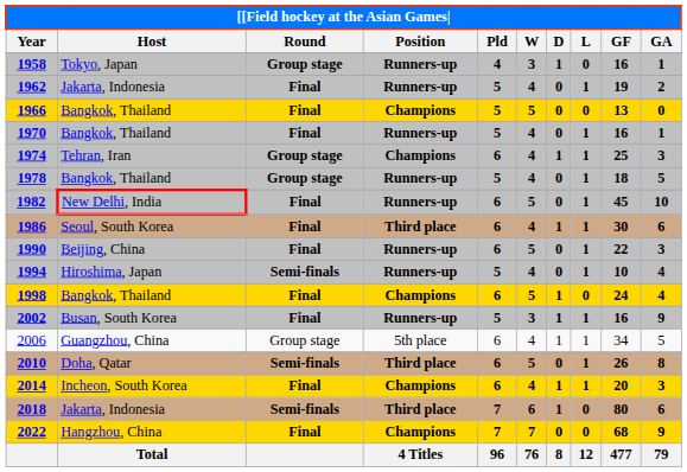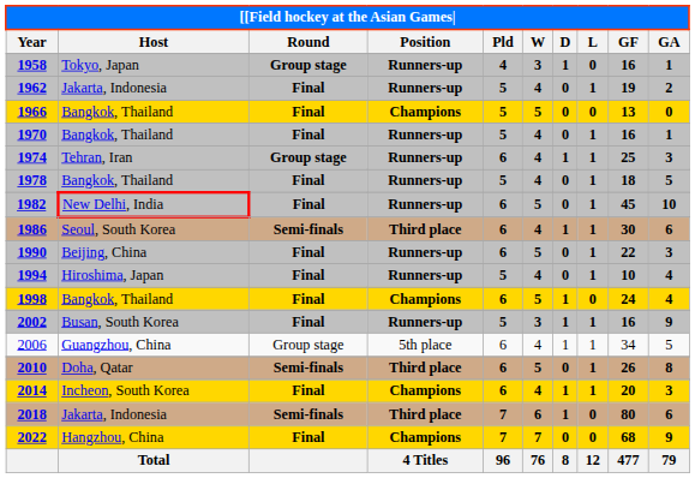 <table class="wikitable" style="text-align: center; width:85%">
 <tr>
 <th colspan=10 style="background: #0077FF;border: 2px solid #ff3300;color: #FFFFFF;">[[Field hockey at the Asian Games|</th>
 </tr>
 <tr>
 <th>Year</th>
 <th>Host</th>
 <th>Round</th>
 <th>Position</th>
 <th>Pld</th>
 <th>W</th>
 <th>D</th>
 <th>L</th>
 <th>GF</th>
 <th>GA</th>
 </tr>
 <tr>
 </tr>
 <tr bgcolor=silver>
 <td><strong><a href='#'>1958</a></strong></td>
 <td align=left> <a href='#'>Tokyo</a>, Japan</td>
 <td><strong>Group stage</strong></td>
 <td><strong>Runners-up</strong></td>
 <td><strong>4</strong></td>
 <td><strong>3</strong></td>
 <td><strong>1</strong></td>
 <td><strong>0</strong></td>
 <td><strong>16</strong></td>
 <td><strong>1</strong></td>
 </tr>
 <tr>
 </tr>
 <tr bgcolor=silver>
 <td><strong><a href='#'>1962</a></strong></td>
 <td align=left> <a href='#'>Jakarta</a>, Indonesia</td>
 <td><strong>Final</strong></td>
 <td><strong>Runners-up</strong></td>
 <td><strong>5</strong></td>
 <td><strong>4</strong></td>
 <td><strong>0</strong></td>
 <td><strong>1</strong></td>
 <td><strong>19</strong></td>
 <td><strong>2</strong></td>
 </tr>
 <tr>
 </tr>
 <tr bgcolor=gold>
 <td><strong><a href='#'>1966</a></strong></td>
 <td align=left> <a href='#'>Bangkok</a>, Thailand</td>
 <td><strong>Final</strong></td>
 <td><strong>Champions</strong></td>
 <td><strong>5</strong></td>
 <td><strong>5</strong></td>
 <td><strong>0</strong></td>
 <td><strong>0</strong></td>
 <td><strong>13</strong></td>
 <td><strong>0</strong></td>
 </tr>
 <tr>
 </tr>
 <tr bgcolor=silver>
 <td><strong><a href='#'>1970</a></strong></td>
 <td align=left> <a href='#'>Bangkok</a>, Thailand</td>
 <td><strong>Final</strong></td>
 <td><strong>Runners-up</strong></td>
 <td><strong>5</strong></td>
 <td><strong>4</strong></td>
 <td><strong>0</strong></td>
 <td><strong>1</strong></td>
 <td><strong>16</strong></td>
 <td><strong>1</strong></td>
 </tr>
 <tr>
 </tr>
 <tr bgcolor=silver>
 <td><strong><a href='#'>1974</a></strong></td>
 <td align=left> <a href='#'>Tehran</a>, Iran</td>
 <td><strong>Group stage</strong></td>
-<td><strong>Champions</strong></td>
+<td><strong>Runners-up</strong></td>
 <td><strong>6</strong></td>
 <td><strong>4</strong></td>
 <td><strong>1</strong></td>
 <td><strong>1</strong></td>
 <td><strong>25</strong></td>
 <td><strong>3</strong></td>
 </tr>
 <tr>
 </tr>
 <tr bgcolor=silver>
 <td><strong><a href='#'>1978</a></strong></td>
 <td align=left> <a href='#'>Bangkok</a>, Thailand</td>
-<td><strong>Group stage</strong></td>
+<td><strong>Final</strong></td>
 <td><strong>Runners-up</strong></td>
 <td><strong>5</strong></td>
 <td><strong>4</strong></td>
 <td><strong>0</strong></td>
 <td><strong>1</strong></td>
 <td><strong>18</strong></td>
 <td><strong>5</strong></td>
 </tr>
 <tr>
 </tr>
 <tr bgcolor=silver>
 <td><strong><a href='#'>1982</a></strong></td>
 <td style="border: 3px solid red"align=left> <a href='#'>New Delhi</a>, India</td>
 <td><strong>Final</strong></td>
 <td><strong>Runners-up</strong></td>
 <td><strong>6</strong></td>
 <td><strong>5</strong></td>
 <td><strong>0</strong></td>
 <td><strong>1</strong></td>
 <td><strong>45</strong></td>
 <td><strong>10</strong></td>
 </tr>
 <tr>
 </tr>
 <tr bgcolor=#CFAA88>
 <td><strong><a href='#'>1986</a></strong></td>
 <td align=left> <a href='#'>Seoul</a>, South Korea</td>
-<td><strong>Final</strong></td>
+<td><strong>Semi-finals</strong></td>
 <td><strong>Third place</strong></td>
 <td><strong>6</strong></td>
 <td><strong>4</strong></td>
 <td><strong>1</strong></td>
 <td><strong>1</strong></td>
 <td><strong>30</strong></td>
 <td><strong>6</strong></td>
 </tr>
 <tr>
 </tr>
 <tr bgcolor=silver>
 <td><strong><a href='#'>1990</a></strong></td>
 <td align=left> <a href='#'>Beijing</a>, China</td>
 <td><strong>Final</strong></td>
 <td><strong>Runners-up</strong></td>
 <td><strong>6</strong></td>
 <td><strong>5</strong></td>
 <td><strong>0</strong></td>
 <td><strong>1</strong></td>
 <td><strong>22</strong></td>
 <td><strong>3</strong></td>
 </tr>
 <tr>
 </tr>
 <tr bgcolor=silver>
 <td><strong><a href='#'>1994</a></strong></td>
 <td align=left> <a href='#'>Hiroshima</a>, Japan</td>
-<td><strong>Semi-finals</strong></td>
+<td><strong>Final</strong></td>
 <td><strong>Runners-up</strong></td>
 <td><strong>5</strong></td>
 <td><strong>4</strong></td>
 <td><strong>0</strong></td>
 <td><strong>1</strong></td>
 <td><strong>10</strong></td>
 <td><strong>4</strong></td>
 </tr>
 <tr>
 </tr>
 <tr bgcolor=gold>
 <td><strong><a href='#'>1998</a></strong></td>
 <td align=left> <a href='#'>Bangkok</a>, Thailand</td>
 <td><strong>Final</strong></td>
 <td><strong>Champions</strong></td>
 <td><strong>6</strong></td>
 <td><strong>5</strong></td>
 <td><strong>1</strong></td>
 <td><strong>0</strong></td>
 <td><strong>24</strong></td>
 <td><strong>4</strong></td>
 </tr>
 <tr>
 </tr>
 <tr bgcolor=silver>
 <td><strong><a href='#'>2002</a></strong></td>
 <td align=left> <a href='#'>Busan</a>, South Korea</td>
 <td><strong>Final</strong></td>
 <td><strong>Runners-up</strong></td>
 <td><strong>5</strong></td>
 <td><strong>3</strong></td>
 <td><strong>1</strong></td>
 <td><strong>1</strong></td>
 <td><strong>16</strong></td>
 <td><strong>9</strong></td>
 </tr>
 <tr>
 <td><a href='#'>2006</a></td>
 <td align=left> <a href='#'>Guangzhou</a>, China</td>
 <td>Group stage</td>
 <td>5th place</td>
 <td>6</td>
 <td>4</td>
 <td>1</td>
 <td>1</td>
 <td>34</td>
 <td>5</td>
 </tr>
 <tr>
 </tr>
 <tr bgcolor=#CFAA88>
 <td><strong><a href='#'>2010</a></strong></td>
 <td align=left> <a href='#'>Doha</a>, Qatar</td>
 <td><strong>Semi-finals</strong></td>
 <td><strong>Third place</strong></td>
 <td><strong>6</strong></td>
 <td><strong>5</strong></td>
 <td><strong>0</strong></td>
 <td><strong>1</strong></td>
 <td><strong>26</strong></td>
 <td><strong>8</strong></td>
 </tr>
 <tr>
 </tr>
 <tr bgcolor=gold>
 <td><strong><a href='#'>2014</a></strong></td>
 <td align=left> <a href='#'>Incheon</a>, South Korea</td>
 <td><strong>Final</strong></td>
 <td><strong>Champions</strong></td>
 <td><strong>6</strong></td>
 <td><strong>4</strong></td>
 <td><strong>1</strong></td>
 <td><strong>1</strong></td>
 <td><strong>20</strong></td>
 <td><strong>3</strong></td>
 </tr>
 <tr bgcolor=#CFAA88>
 <td><strong><a href='#'>2018</a></strong></td>
 <td align=left> <a href='#'>Jakarta</a>, Indonesia</td>
 <td><strong>Semi-finals</strong></td>
 <td><strong>Third place</strong></td>
 <td><strong>7</strong></td>
 <td><strong>6</strong></td>
 <td><strong>1</strong></td>
 <td><strong>0</strong></td>
 <td><strong>80</strong></td>
 <td><strong>6</strong></td>
 </tr>
 <tr bgcolor=gold>
 <td><strong><a href='#'>2022</a></strong></td>
 <td align=left> <a href='#'>Hangzhou</a>, China</td>
 <td><strong>Final</strong></td>
 <td><strong>Champions</strong></td>
 <td><strong>7</strong></td>
 <td><strong>7</strong></td>
 <td><strong>0</strong></td>
 <td><strong>0</strong></td>
 <td><strong>68</strong></td>
 <td><strong>9</strong></td>
 </tr>
 <tr>
 <th></th>
 <th>Total</th>
 <th></th>
 <th>4 Titles</th>
 <th>96</th>
 <th>76</th>
 <th>8</th>
 <th>12</th>
 <th>477</th>
 <th>79</th>
 </tr>
 </table>
